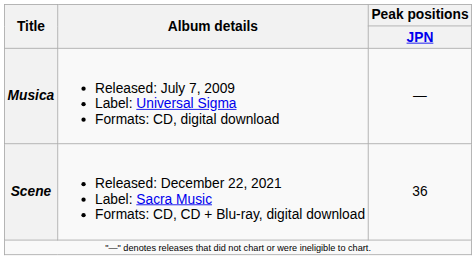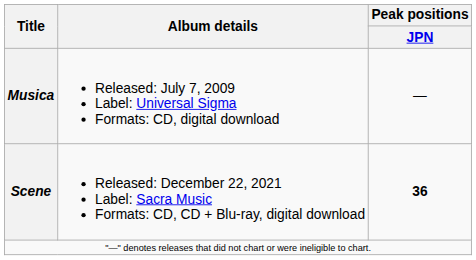 <table class="wikitable plainrowheaders">
 <tr>
 <th scope="col" rowspan="2">Title</th>
 <th scope="col" rowspan="2">Album details</th>
 <th scope="col" colspan="1">Peak positions</th>
 </tr>
 <tr>
 <th scope="col"><a href='#'>JPN</a></th>
 </tr>
 <tr>
 <th scope="row"><em>Musica</em></th>
 <td><br><ul><li>Released: July 7, 2009 </li><li>Label: <a href='#'>Universal Sigma</a></li><li>Formats: CD, digital download</li></ul></td>
 <td align="center">—</td>
 </tr>
 <tr>
 <th scope="row"><em>Scene</em></th>
 <td><br><ul><li>Released: December 22, 2021 </li><li>Label: <a href='#'>Sacra Music</a></li><li>Formats: CD, CD + Blu-ray, digital download</li></ul></td>
-<td align="center">36</td>
+<td align="center"><strong>36</strong></td>
 </tr>
 <tr>
 <td colspan="5" align="center" style="font-size: 8pt">"—" denotes releases that did not chart or were ineligible to chart.</td>
 </tr>
 </table>
